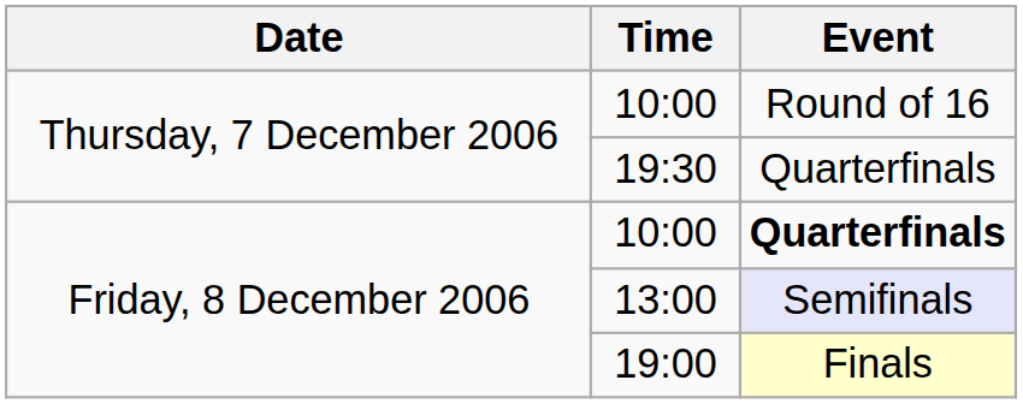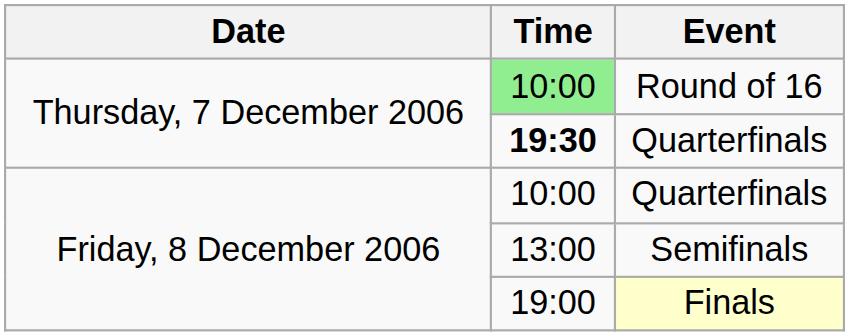 <table class = "wikitable" style="text-align:center;">
 <tr>
 <th width=220>Date</th>
 <th width=50>Time</th>
 <th width=100>Event</th>
 </tr>
 <tr>
 <td rowspan=2>Thursday, 7 December 2006</td>
-<td>10:00</td>
+<td style="background: lightgreen;">10:00</td>
 <td>Round of 16</td>
 </tr>
 <tr>
-<td>19:30</td>
+<td><strong>19:30</strong></td>
 <td>Quarterfinals</td>
 </tr>
 <tr>
 <td rowspan=3>Friday, 8 December 2006</td>
 <td>10:00</td>
-<td><strong>Quarterfinals</strong></td>
+<td>Quarterfinals</td>
 </tr>
 <tr>
 <td>13:00</td>
-<td style="background: lavender;">Semifinals</td>
+<td>Semifinals</td>
 </tr>
 <tr>
 <td>19:00</td>
 <td bgcolor=ffffcc>Finals</td>
 </tr>
 </table>
